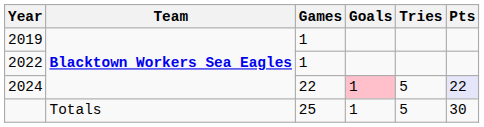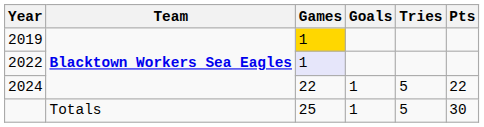 <table class="wikitable">
 <tr>
 <th>Year</th>
 <th>Team</th>
 <th>Games</th>
 <th>Goals</th>
 <th>Tries</th>
 <th>Pts</th>
 </tr>
 <tr>
 <td>2019</td>
 <td rowspan="3"> <strong><a href='#'>Blacktown Workers Sea Eagles</a></strong></td>
-<td>1</td>
+<td style="background: gold;">1</td>
 <td></td>
 <td></td>
 <td></td>
 </tr>
 <tr>
 <td>2022</td>
-<td>1</td>
+<td style="background: lavender;">1</td>
 <td></td>
 <td></td>
 <td></td>
 </tr>
 <tr>
 <td>2024</td>
 <td>22</td>
-<td style="background: pink;">1</td>
+<td>1</td>
 <td>5</td>
-<td style="background: lavender;">22</td>
+<td>22</td>
 </tr>
 <tr>
 <td></td>
 <td>Totals</td>
 <td>25</td>
 <td>1</td>
 <td>5</td>
 <td>30</td>
 </tr>
 </table>
